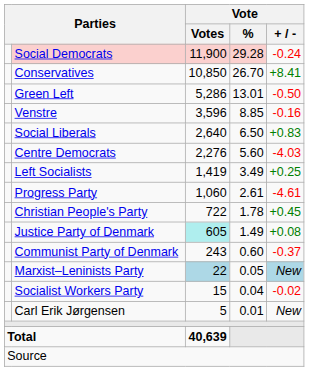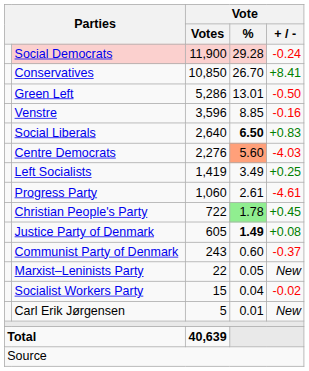 <table class="wikitable" style="text-align:right;">
 <tr>
 <th style="text-align:centre;" rowspan="2" colspan="2" width="225">Parties</th>
 <th colspan="3">Vote</th>
 </tr>
 <tr>
 <th width="15">Votes</th>
 <th width="15">%</th>
 <th width="15">+ / -</th>
 </tr>
 <tr>
 <td width="2" style="color:inherit;background:"></td>
 <td bgcolor=#fbd0ce  align="left"><a href='#'>Social Democrats</a></td>
 <td bgcolor=#fbd0ce>11,900</td>
 <td bgcolor=#fbd0ce>29.28</td>
 <td style=color:red;>-0.24</td>
 </tr>
 <tr>
 <td width="2" style="color:inherit;background:"></td>
 <td align="left"><a href='#'>Conservatives</a></td>
 <td>10,850</td>
 <td>26.70</td>
 <td style=color:green;>+8.41</td>
 </tr>
 <tr>
 <td width="2" style="color:inherit;background:"></td>
 <td align="left"><a href='#'>Green Left</a></td>
 <td>5,286</td>
 <td>13.01</td>
 <td style=color:red;>-0.50</td>
 </tr>
 <tr>
 <td width="2" style="color:inherit;background:"></td>
 <td align="left"><a href='#'>Venstre</a></td>
 <td>3,596</td>
 <td>8.85</td>
 <td style=color:red;>-0.16</td>
 </tr>
 <tr>
 <td width="2" style="color:inherit;background:"></td>
 <td align="left"><a href='#'>Social Liberals</a></td>
 <td>2,640</td>
-<td>6.50</td>
+<td><strong>6.50</strong></td>
 <td style=color:green;>+0.83</td>
 </tr>
 <tr>
 <td width="2" style="color:inherit;background:"></td>
 <td align="left"><a href='#'>Centre Democrats</a></td>
 <td>2,276</td>
-<td>5.60</td>
+<td style="background: lightsalmon;">5.60</td>
 <td style=color:red;>-4.03</td>
 </tr>
 <tr>
 <td width="2" style="color:inherit;background:"></td>
 <td align="left"><a href='#'>Left Socialists</a></td>
 <td>1,419</td>
 <td>3.49</td>
 <td style=color:green;>+0.25</td>
 </tr>
 <tr>
 <td width="2" style="color:inherit;background:"></td>
 <td align="left"><a href='#'>Progress Party</a></td>
 <td>1,060</td>
 <td>2.61</td>
 <td style=color:red;>-4.61</td>
 </tr>
 <tr>
 <td width="2" style="color:inherit;background:"></td>
 <td align="left"><a href='#'>Christian People's Party</a></td>
 <td>722</td>
-<td>1.78</td>
+<td style="background: lightgreen;">1.78</td>
 <td style=color:green;>+0.45</td>
 </tr>
 <tr>
 <td width="2" style="color:inherit;background:"></td>
 <td align="left"><a href='#'>Justice Party of Denmark</a></td>
-<td style="background: paleturquoise;">605</td>
-<td>1.49</td>
+<td>605</td>
+<td><strong>1.49</strong></td>
 <td style=color:green;>+0.08</td>
 </tr>
 <tr>
 <td width="2" style="color:inherit;background:"></td>
 <td align="left"><a href='#'>Communist Party of Denmark</a></td>
 <td>243</td>
 <td>0.60</td>
 <td style=color:red;>-0.37</td>
 </tr>
 <tr>
 <td width="2" style="color:inherit;background:"></td>
 <td align="left"><a href='#'>Marxist–Leninists Party</a></td>
-<td style="background: lightblue;">22</td>
+<td>22</td>
 <td>0.05</td>
-<td style="background: lightblue;"><em>New</em></td>
+<td><em>New</em></td>
 </tr>
 <tr>
 <td width="2" style="color:inherit;background:"></td>
 <td align="left"><a href='#'>Socialist Workers Party</a></td>
 <td>15</td>
 <td>0.04</td>
 <td style=color:red;>-0.02</td>
 </tr>
 <tr>
 <td width="2" style="color:inherit;background:"></td>
 <td align="left">Carl Erik Jørgensen</td>
 <td>5</td>
 <td>0.01</td>
 <td><em>New</em></td>
 </tr>
 <tr>
 <td colspan="7" bgcolor="#E9E9E9"></td>
 </tr>
 <tr>
 <td align="left" colspan="2"><strong>Total</strong></td>
 <td><strong>40,639</strong></td>
 <td bgcolor="#E9E9E9" colspan="2"></td>
 </tr>
 <tr>
 <td align="left" colspan="6">Source</td>
 </tr>
 </table>
